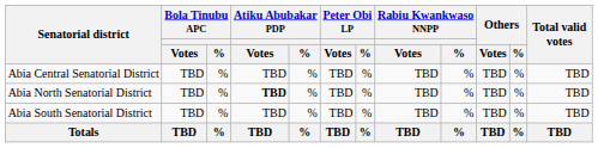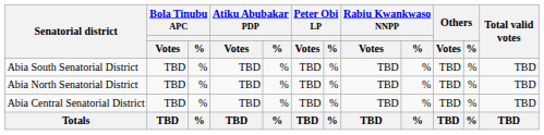 <table class="wikitable sortable" style="text-align:right; font-size:90%">
 <tr>
 <th rowspan="3" style="max-width:7.5em;">Senatorial district</th>
 <th colspan="2"><a href='#'>Bola Tinubu</a><br><small>APC</small></th>
 <th colspan="2"><a href='#'>Atiku Abubakar</a><br><small>PDP</small></th>
 <th colspan="2"><a href='#'>Peter Obi</a><br><small>LP</small></th>
 <th colspan="2"><a href='#'>Rabiu Kwankwaso</a><br><small>NNPP</small></th>
 <th colspan="2" rowspan="2">Others</th>
 <th rowspan="3" style="max-width:5em;">Total valid votes</th>
 </tr>
 <tr>
 <th colspan=2 style="background-color:"></th>
 <th colspan=2 style="background-color:"></th>
 <th colspan=2 style="background-color:"></th>
 <th colspan=2 style="background-color:"></th>
 </tr>
 <tr>
 <th>Votes</th>
 <th>%</th>
 <th>Votes</th>
 <th>%</th>
 <th>Votes</th>
 <th>%</th>
 <th>Votes</th>
 <th>%</th>
 <th>Votes</th>
 <th>%</th>
 </tr>
 <tr style="background-color:#">
-<td style="text-align:left;">Abia Central Senatorial District</td>
+<td style="text-align:left;">Abia South Senatorial District</td>
 <td>TBD</td>
 <td>%</td>
 <td>TBD</td>
 <td>%</td>
 <td>TBD</td>
 <td>%</td>
 <td>TBD</td>
 <td>%</td>
 <td>TBD</td>
 <td>%</td>
 <td>TBD</td>
 </tr>
 <tr style="background-color:#">
 <td style="text-align:left;">Abia North Senatorial District</td>
 <td>TBD</td>
 <td>%</td>
-<td><strong>TBD</strong></td>
+<td>TBD</td>
 <td>%</td>
 <td>TBD</td>
 <td>%</td>
 <td>TBD</td>
 <td>%</td>
 <td>TBD</td>
 <td>%</td>
 <td>TBD</td>
 </tr>
 <tr style="background-color:#">
-<td style="text-align:left;">Abia South Senatorial District</td>
+<td style="text-align:left;">Abia Central Senatorial District</td>
 <td>TBD</td>
 <td>%</td>
 <td>TBD</td>
 <td>%</td>
 <td>TBD</td>
 <td>%</td>
 <td>TBD</td>
 <td>%</td>
 <td>TBD</td>
 <td>%</td>
 <td>TBD</td>
 </tr>
 <tr>
 <th>Totals</th>
 <th>TBD</th>
 <th>%</th>
 <th>TBD</th>
 <th>%</th>
 <th>TBD</th>
 <th>%</th>
 <th>TBD</th>
 <th>%</th>
 <th>TBD</th>
 <th>%</th>
 <th>TBD</th>
 </tr>
 </table>
